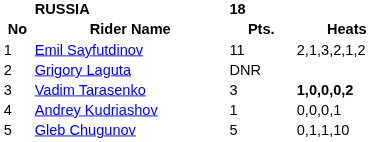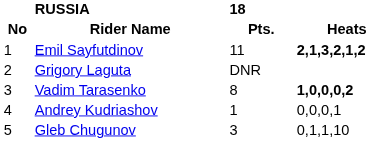 <table class="toccolours">
 <tr>
 <td></td>
 <td><strong>RUSSIA</strong></td>
 <td><strong>18</strong></td>
 </tr>
 <tr style="background-color:">
 <th width=30px>No</th>
 <th width=210px>Rider Name</th>
 <th width=70px>Pts.</th>
 <th width=110px>Heats</th>
 </tr>
 <tr style="background-color:">
 <td>1</td>
 <td><a href='#'>Emil Sayfutdinov</a></td>
 <td>11</td>
-<td>2,1,3,2,1,2</td>
+<td><strong>2,1,3,2,1,2</strong></td>
 </tr>
 <tr style="background-color:">
 <td>2</td>
 <td><a href='#'>Grigory Laguta</a></td>
 <td>DNR</td>
 <td></td>
 </tr>
 <tr style="background-color:">
 <td>3</td>
 <td><a href='#'>Vadim Tarasenko</a></td>
-<td>3</td>
+<td>8</td>
 <td><strong>1,0,0,0,2</strong></td>
 </tr>
 <tr style="background-color:">
 <td>4</td>
 <td><a href='#'>Andrey Kudriashov</a></td>
 <td>1</td>
 <td>0,0,0,1</td>
 </tr>
 <tr style="background-color:">
 <td>5</td>
 <td><a href='#'>Gleb Chugunov</a></td>
-<td>5</td>
+<td>3</td>
 <td>0,1,1,10</td>
 </tr>
 </table>
